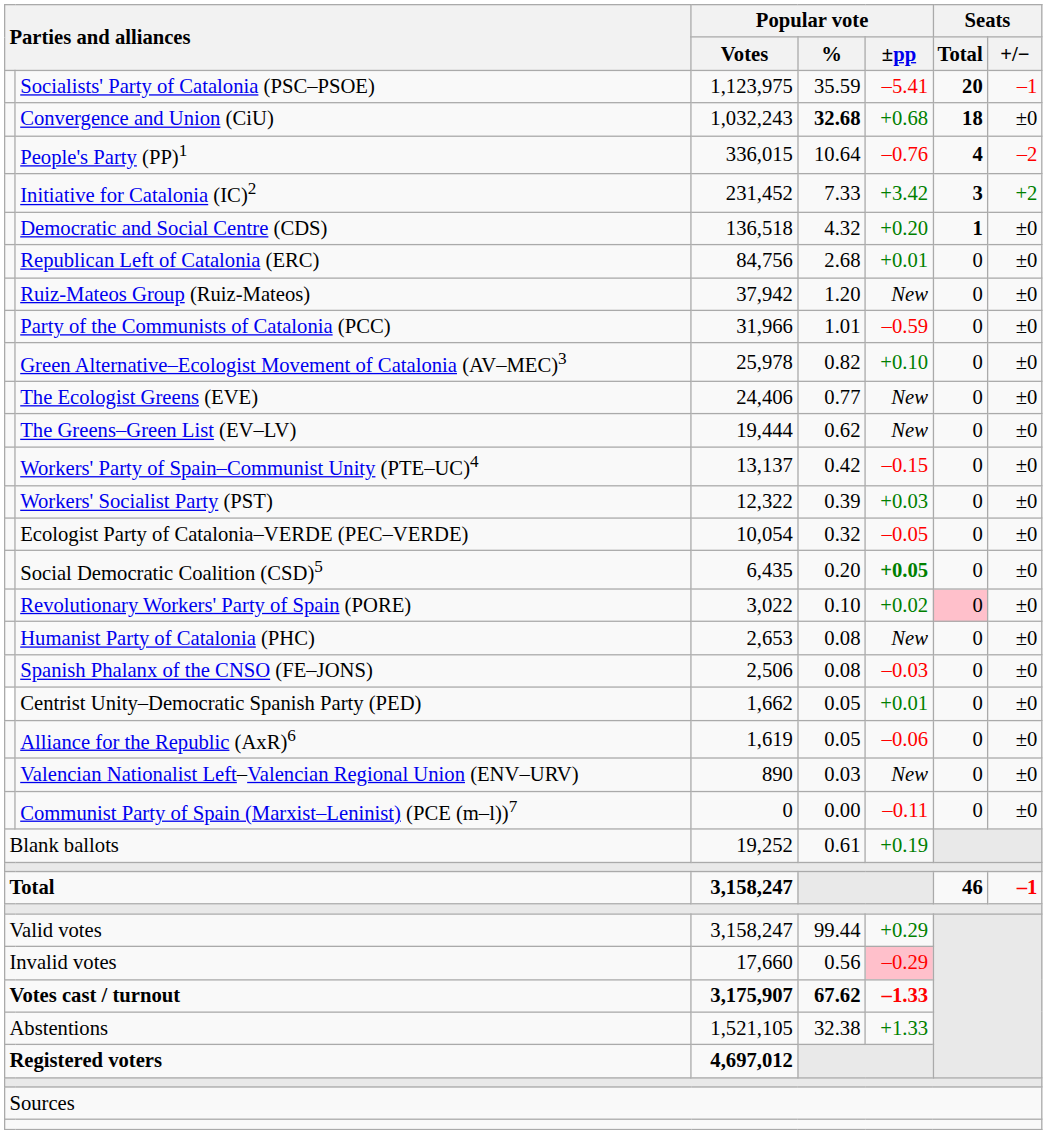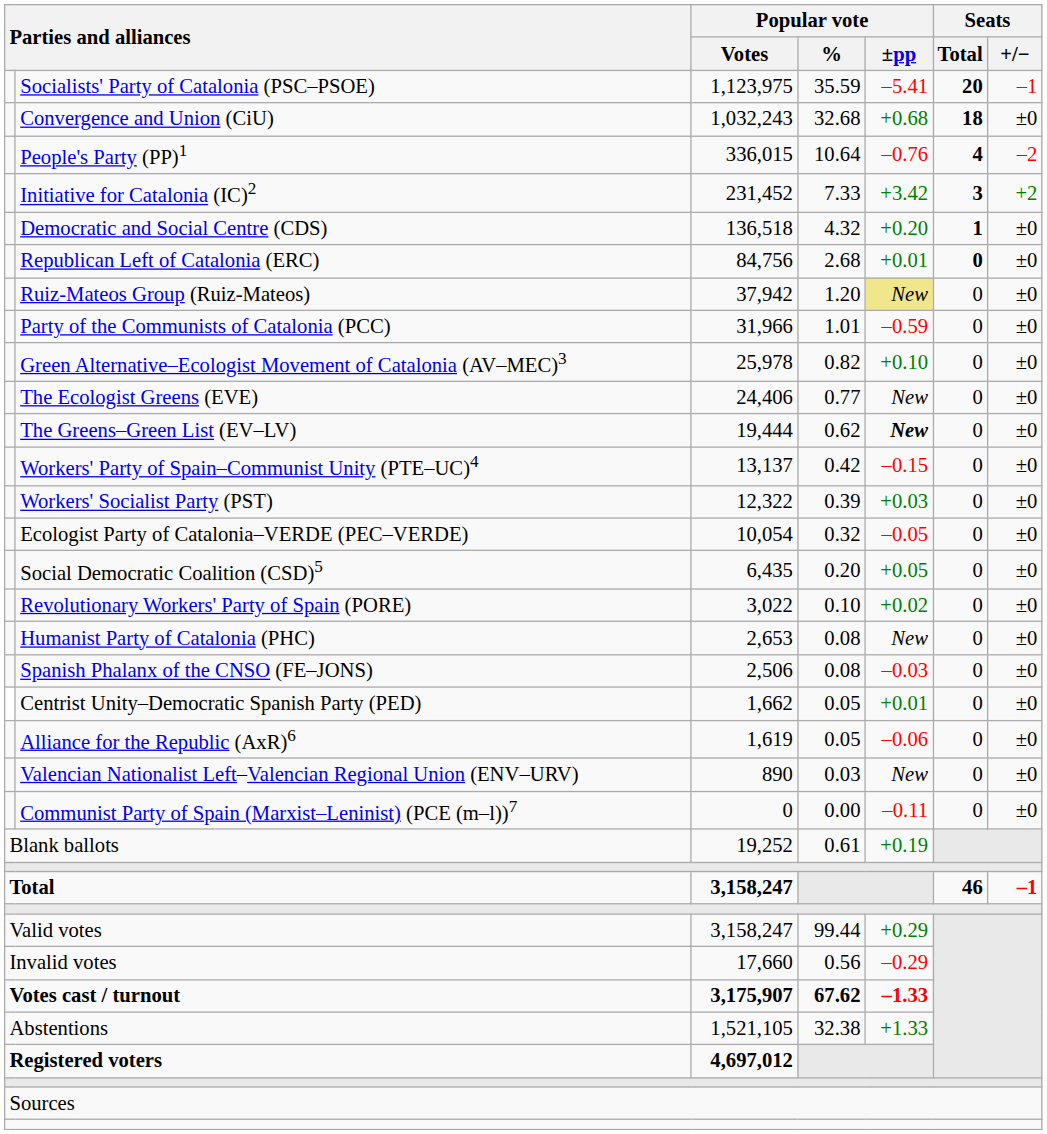 <table class="wikitable" style="text-align:right;">
 <tr>
 <th style="text-align:left;" rowspan="2" colspan="2" width="525">Parties and alliances</th>
 <th colspan="3">Popular vote</th>
 <th colspan="2">Seats</th>
 </tr>
 <tr>
 <th width="75">Votes</th>
 <th width="45">%</th>
 <th width="45">±<a href='#'>pp</a></th>
 <th width="35">Total</th>
 <th width="35">+/−</th>
 </tr>
 <tr>
 <td width="1" style="color:inherit;background:"></td>
 <td align="left"><a href='#'>Socialists' Party of Catalonia</a> (PSC–PSOE)</td>
 <td>1,123,975</td>
 <td>35.59</td>
 <td style="color:red;">–5.41</td>
 <td><strong>20</strong></td>
 <td style="color:red;">–1</td>
 </tr>
 <tr>
 <td style="color:inherit;background:"></td>
 <td align="left"><a href='#'>Convergence and Union</a> (CiU)</td>
 <td>1,032,243</td>
-<td><strong>32.68</strong></td>
+<td>32.68</td>
 <td style="color:green;">+0.68</td>
 <td><strong>18</strong></td>
 <td>±0</td>
 </tr>
 <tr>
 <td style="color:inherit;background:"></td>
 <td align="left"><a href='#'>People's Party</a> (PP)<sup>1</sup></td>
 <td>336,015</td>
 <td>10.64</td>
 <td style="color:red;">–0.76</td>
 <td><strong>4</strong></td>
 <td style="color:red;">–2</td>
 </tr>
 <tr>
 <td style="color:inherit;background:"></td>
 <td align="left"><a href='#'>Initiative for Catalonia</a> (IC)<sup>2</sup></td>
 <td>231,452</td>
 <td>7.33</td>
 <td style="color:green;">+3.42</td>
 <td><strong>3</strong></td>
 <td style="color:green;">+2</td>
 </tr>
 <tr>
 <td style="color:inherit;background:"></td>
 <td align="left"><a href='#'>Democratic and Social Centre</a> (CDS)</td>
 <td>136,518</td>
 <td>4.32</td>
 <td style="color:green;">+0.20</td>
 <td><strong>1</strong></td>
 <td>±0</td>
 </tr>
 <tr>
 <td style="color:inherit;background:"></td>
 <td align="left"><a href='#'>Republican Left of Catalonia</a> (ERC)</td>
 <td>84,756</td>
 <td>2.68</td>
 <td style="color:green;">+0.01</td>
-<td>0</td>
+<td><strong>0</strong></td>
 <td>±0</td>
 </tr>
 <tr>
 <td style="color:inherit;background:"></td>
 <td align="left"><a href='#'>Ruiz-Mateos Group</a> (Ruiz-Mateos)</td>
 <td>37,942</td>
 <td>1.20</td>
-<td><em>New</em></td>
+<td style="background: khaki;"><em>New</em></td>
 <td>0</td>
 <td>±0</td>
 </tr>
 <tr>
 <td style="color:inherit;background:"></td>
 <td align="left"><a href='#'>Party of the Communists of Catalonia</a> (PCC)</td>
 <td>31,966</td>
 <td>1.01</td>
 <td style="color:red;">–0.59</td>
 <td>0</td>
 <td>±0</td>
 </tr>
 <tr>
 <td style="color:inherit;background:"></td>
 <td align="left"><a href='#'>Green Alternative–Ecologist Movement of Catalonia</a> (AV–MEC)<sup>3</sup></td>
 <td>25,978</td>
 <td>0.82</td>
 <td style="color:green;">+0.10</td>
 <td>0</td>
 <td>±0</td>
 </tr>
 <tr>
 <td style="color:inherit;background:"></td>
 <td align="left"><a href='#'>The Ecologist Greens</a> (EVE)</td>
 <td>24,406</td>
 <td>0.77</td>
 <td><em>New</em></td>
 <td>0</td>
 <td>±0</td>
 </tr>
 <tr>
 <td style="color:inherit;background:"></td>
 <td align="left"><a href='#'>The Greens–Green List</a> (EV–LV)</td>
 <td>19,444</td>
 <td>0.62</td>
-<td><em>New</em></td>
+<td><strong><em>New</em></strong></td>
 <td>0</td>
 <td>±0</td>
 </tr>
 <tr>
 <td style="color:inherit;background:"></td>
 <td align="left"><a href='#'>Workers' Party of Spain–Communist Unity</a> (PTE–UC)<sup>4</sup></td>
 <td>13,137</td>
 <td>0.42</td>
 <td style="color:red;">–0.15</td>
 <td>0</td>
 <td>±0</td>
 </tr>
 <tr>
 <td style="color:inherit;background:"></td>
 <td align="left"><a href='#'>Workers' Socialist Party</a> (PST)</td>
 <td>12,322</td>
 <td>0.39</td>
 <td style="color:green;">+0.03</td>
 <td>0</td>
 <td>±0</td>
 </tr>
 <tr>
 <td style="color:inherit;background:"></td>
 <td align="left">Ecologist Party of Catalonia–VERDE (PEC–VERDE)</td>
 <td>10,054</td>
 <td>0.32</td>
 <td style="color:red;">–0.05</td>
 <td>0</td>
 <td>±0</td>
 </tr>
 <tr>
 <td style="color:inherit;background:"></td>
 <td align="left">Social Democratic Coalition (CSD)<sup>5</sup></td>
 <td>6,435</td>
 <td>0.20</td>
-<td style="color:green;"><strong>+0.05</strong></td>
+<td style="color:green;">+0.05</td>
 <td>0</td>
 <td>±0</td>
 </tr>
 <tr>
 <td style="color:inherit;background:"></td>
 <td align="left"><a href='#'>Revolutionary Workers' Party of Spain</a> (PORE)</td>
 <td>3,022</td>
 <td>0.10</td>
 <td style="color:green;">+0.02</td>
-<td style="background: pink;">0</td>
+<td>0</td>
 <td>±0</td>
 </tr>
 <tr>
 <td style="color:inherit;background:"></td>
 <td align="left"><a href='#'>Humanist Party of Catalonia</a> (PHC)</td>
 <td>2,653</td>
 <td>0.08</td>
 <td><em>New</em></td>
 <td>0</td>
 <td>±0</td>
 </tr>
 <tr>
 <td style="color:inherit;background:"></td>
 <td align="left"><a href='#'>Spanish Phalanx of the CNSO</a> (FE–JONS)</td>
 <td>2,506</td>
 <td>0.08</td>
 <td style="color:red;">–0.03</td>
 <td>0</td>
 <td>±0</td>
 </tr>
 <tr>
 <td bgcolor="white"></td>
 <td align="left">Centrist Unity–Democratic Spanish Party (PED)</td>
 <td>1,662</td>
 <td>0.05</td>
 <td style="color:green;">+0.01</td>
 <td>0</td>
 <td>±0</td>
 </tr>
 <tr>
 <td style="color:inherit;background:"></td>
 <td align="left"><a href='#'>Alliance for the Republic</a> (AxR)<sup>6</sup></td>
 <td>1,619</td>
 <td>0.05</td>
 <td style="color:red;">–0.06</td>
 <td>0</td>
 <td>±0</td>
 </tr>
 <tr>
 <td style="color:inherit;background:"></td>
 <td align="left"><a href='#'>Valencian Nationalist Left</a>–<a href='#'>Valencian Regional Union</a> (ENV–URV)</td>
 <td>890</td>
 <td>0.03</td>
 <td><em>New</em></td>
 <td>0</td>
 <td>±0</td>
 </tr>
 <tr>
 <td style="color:inherit;background:"></td>
 <td align="left"><a href='#'>Communist Party of Spain (Marxist–Leninist)</a> (PCE (m–l))<sup>7</sup></td>
 <td>0</td>
 <td>0.00</td>
 <td style="color:red;">–0.11</td>
 <td>0</td>
 <td>±0</td>
 </tr>
 <tr>
 <td align="left" colspan="2">Blank ballots</td>
 <td>19,252</td>
 <td>0.61</td>
 <td style="color:green;">+0.19</td>
 <td bgcolor="#E9E9E9" colspan="2"></td>
 </tr>
 <tr>
 <td colspan="7" bgcolor="#E9E9E9"></td>
 </tr>
 <tr style="font-weight:bold;">
 <td align="left" colspan="2">Total</td>
 <td>3,158,247</td>
 <td bgcolor="#E9E9E9" colspan="2"></td>
 <td>46</td>
 <td style="color:red;">–1</td>
 </tr>
 <tr>
 <td colspan="7" bgcolor="#E9E9E9"></td>
 </tr>
 <tr>
 <td align="left" colspan="2">Valid votes</td>
 <td>3,158,247</td>
 <td>99.44</td>
 <td style="color:green;">+0.29</td>
 <td bgcolor="#E9E9E9" colspan="2" rowspan="5"></td>
 </tr>
 <tr>
 <td align="left" colspan="2">Invalid votes</td>
 <td>17,660</td>
 <td>0.56</td>
-<td style="background: pink; color:red;">–0.29</td>
+<td style="color:red;">–0.29</td>
 </tr>
 <tr style="font-weight:bold;">
 <td align="left" colspan="2">Votes cast / turnout</td>
 <td>3,175,907</td>
 <td>67.62</td>
 <td style="color:red;">–1.33</td>
 </tr>
 <tr>
 <td align="left" colspan="2">Abstentions</td>
 <td>1,521,105</td>
 <td>32.38</td>
 <td style="color:green;">+1.33</td>
 </tr>
 <tr style="font-weight:bold;">
 <td align="left" colspan="2">Registered voters</td>
 <td>4,697,012</td>
 <td bgcolor="#E9E9E9" colspan="2"></td>
 </tr>
 <tr>
 <td colspan="7" bgcolor="#E9E9E9"></td>
 </tr>
 <tr>
 <td align="left" colspan="7">Sources</td>
 </tr>
 <tr>
 <td colspan="7" style="text-align:left; max-width:790px;"></td>
 </tr>
 </table>
